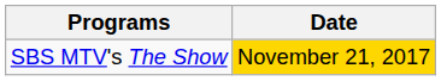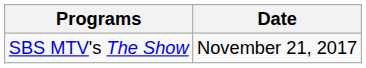 <table class="wikitable">
 <tr>
 <th>Programs</th>
 <th>Date</th>
 </tr>
 <tr>
 <td><a href='#'>SBS MTV</a>'s <em><a href='#'>The Show</a></em></td>
-<td style="background: gold;">November 21, 2017</td>
+<td>November 21, 2017</td>
 </tr>
 </table>
